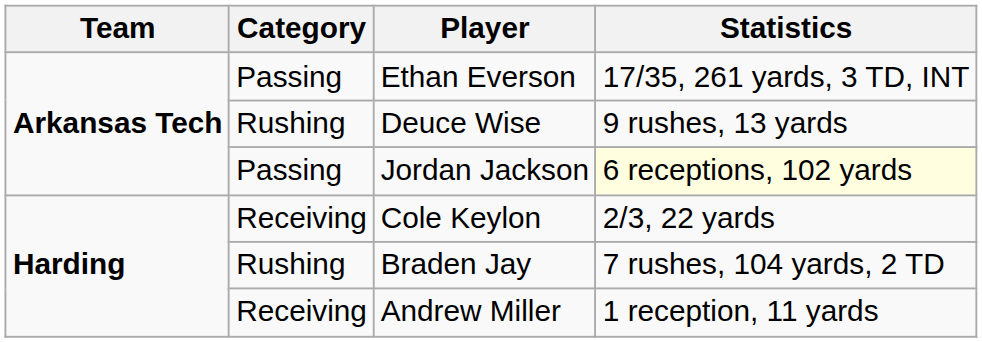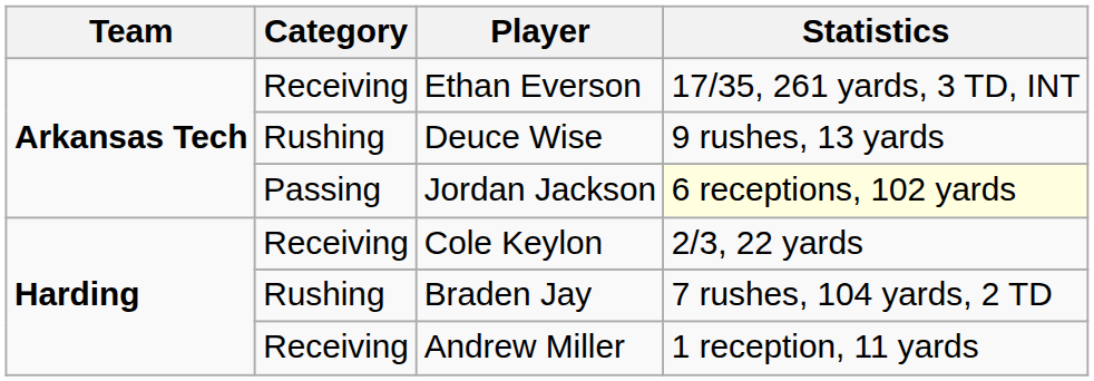 <table class="wikitable" style="float: right;">
 <tr>
 <th>Team</th>
 <th>Category</th>
 <th>Player</th>
 <th>Statistics</th>
 </tr>
 <tr>
 <td rowspan=3><strong>Arkansas Tech</strong></td>
-<td>Passing</td>
+<td>Receiving</td>
 <td>Ethan Everson</td>
 <td>17/35, 261 yards, 3 TD, INT</td>
 </tr>
 <tr>
 <td>Rushing</td>
 <td>Deuce Wise</td>
 <td>9 rushes, 13 yards</td>
 </tr>
 <tr>
 <td>Passing</td>
 <td>Jordan Jackson</td>
 <td style="background: lightyellow;">6 receptions, 102 yards</td>
 </tr>
 <tr>
 <td rowspan=3><strong>Harding</strong></td>
 <td>Receiving</td>
 <td>Cole Keylon</td>
 <td>2/3, 22 yards</td>
 </tr>
 <tr>
 <td>Rushing</td>
 <td>Braden Jay</td>
 <td>7 rushes, 104 yards, 2 TD</td>
 </tr>
 <tr>
 <td>Receiving</td>
 <td>Andrew Miller</td>
 <td>1 reception, 11 yards</td>
 </tr>
 </table>
